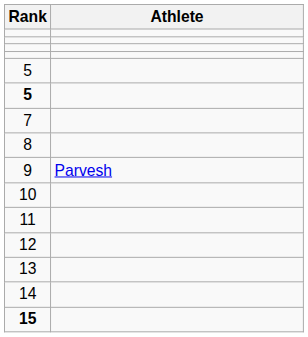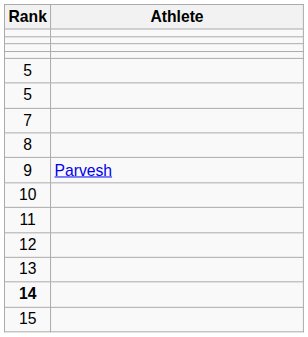 <table class="wikitable" style="text-align: center;">
 <tr>
 <th width=40>Rank</th>
 <th width=250>Athlete</th>
 </tr>
 <tr>
 <td></td>
 <td align="left"></td>
 </tr>
 <tr>
 <td></td>
 <td align="left"></td>
 </tr>
 <tr>
 <td></td>
 <td align="left"></td>
 </tr>
 <tr>
 <td></td>
 <td align="left"></td>
 </tr>
 <tr>
 <td>5</td>
 <td align="left"></td>
 </tr>
 <tr>
-<td><strong>5</strong></td>
+<td>5</td>
 <td align="left"></td>
 </tr>
 <tr>
 <td>7</td>
 <td align="left"></td>
 </tr>
 <tr>
 <td>8</td>
 <td align="left"></td>
 </tr>
 <tr>
 <td>9</td>
 <td align="left"> <a href='#'>Parvesh</a> </td>
 </tr>
 <tr>
 <td>10</td>
 <td align="left"></td>
 </tr>
 <tr>
 <td>11</td>
 <td align="left"></td>
 </tr>
 <tr>
 <td>12</td>
 <td align="left"></td>
 </tr>
 <tr>
 <td>13</td>
 <td align="left"></td>
 </tr>
 <tr>
-<td>14</td>
+<td><strong>14</strong></td>
 <td align="left"></td>
 </tr>
 <tr>
-<td><strong>15</strong></td>
+<td>15</td>
 <td align="left"></td>
 </tr>
 </table>
